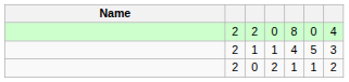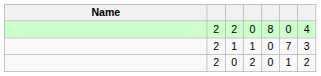 <table class=wikitable style="text-align:center">
 <tr>
 <th width=300>Name</th>
 <th width=20></th>
 <th width=20></th>
 <th width=20></th>
 <th width=20></th>
 <th width=20></th>
 <th width=20></th>
 </tr>
 <tr style="background-color:#ccffcc;">
 <td style="text-align:left;"></td>
 <td>2</td>
 <td>2</td>
 <td>0</td>
 <td>8</td>
 <td>0</td>
 <td>4</td>
 </tr>
 <tr>
 <td style="text-align:left;"></td>
 <td>2</td>
 <td>1</td>
 <td>1</td>
-<td>4</td>
-<td>5</td>
+<td>0</td>
+<td>7</td>
 <td>3</td>
 </tr>
 <tr>
 <td style="text-align:left;"></td>
 <td>2</td>
 <td>0</td>
 <td>2</td>
-<td>1</td>
+<td>0</td>
 <td>1</td>
 <td>2</td>
 </tr>
 </table>
